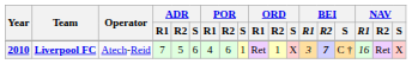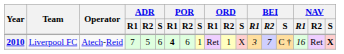 <table class="wikitable" style="font-size:85%; text-align:center">
 <tr>
 <th rowspan=2>Year</th>
 <th rowspan=2>Team</th>
 <th rowspan=2>Operator</th>
 <th colspan=3><a href='#'>ADR</a></th>
 <th colspan=3><a href='#'>POR</a></th>
 <th colspan=3><a href='#'>ORD</a></th>
 <th colspan=3><a href='#'>BEI</a></th>
 <th colspan=3><a href='#'>NAV</a></th>
 </tr>
 <tr>
 <th>R1</th>
 <th>R2</th>
 <th>S</th>
 <th>R1</th>
 <th>R2</th>
 <th>S</th>
 <th>R1</th>
 <th>R2</th>
 <th>S</th>
 <th><em>R1</em></th>
 <th><em>R2</em></th>
 <th>S</th>
 <th><em>R1</em></th>
 <th>R2</th>
 <th>S</th>
 </tr>
 <tr style="border-top:2px solid #aaaaaa">
 <th><a href='#'>2010</a></th>
-<td align=left nowrap><strong><a href='#'>Liverpool FC</a></strong></td>
+<td align=left nowrap><a href='#'>Liverpool FC</a></td>
 <td align=left nowrap><a href='#'>Atech</a>-<a href='#'>Reid</a></td>
 <td style="background:#dfffdf;">7</td>
 <td style="background:#dfffdf;">5</td>
 <td style="background:#dfffdf;">6</td>
-<td style="background:#dfffdf;">4</td>
+<td style="background:#dfffdf;"><strong>4</strong></td>
 <td style="background:#dfffdf;">6</td>
 <td style="background:#ffffbf;">1</td>
 <td style="background:#efcfff;">Ret</td>
 <td style="background:#ffffbf;">1</td>
 <td style="background:#ffcfcf;">X</td>
 <td style="background:#ffdf9f;"><em>3</em></td>
-<td style="background:#cfcfff;"><strong><em>7</em></strong></td>
+<td style="background:#cfcfff;"><em>7</em></td>
 <td style="background:#ffdf9f;">C †</td>
 <td style="background:#dfffdf;"><em>16</em></td>
 <td style="background:#efcfff;">Ret</td>
-<td style="background:#ffcfcf;">X</td>
+<td style="background:#ffcfcf;"><strong>X</strong></td>
 </tr>
 </table>
